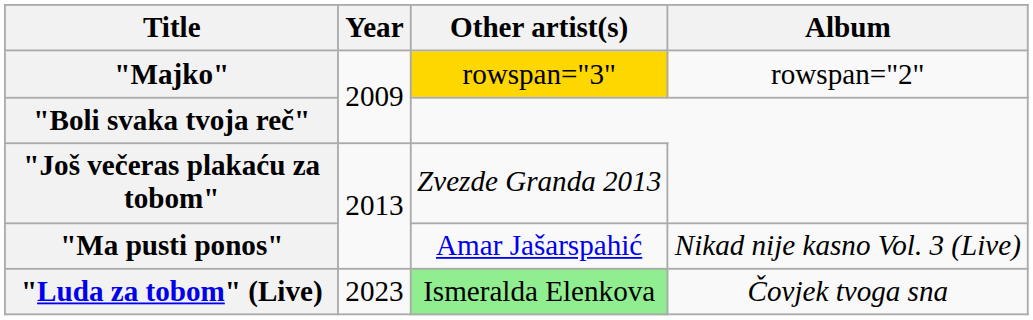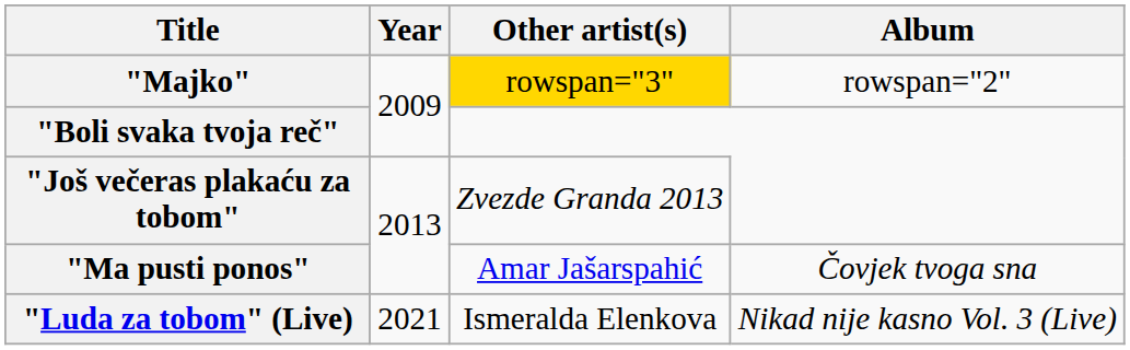 <table class="wikitable plainrowheaders" style="text-align:center;">
 <tr>
 <th scope="col" style="width:11em;">Title</th>
 <th scope="col">Year</th>
 <th scope="col">Other artist(s)</th>
 <th scope="col">Album</th>
 </tr>
 <tr>
 <th scope="row">"Majko"</th>
 <td rowspan="2">2009</td>
 <td style="background: gold;">rowspan="3" </td>
 <td>rowspan="2" </td>
 </tr>
 <tr>
 <th scope="row">"Boli svaka tvoja reč"</th>
 </tr>
 <tr>
 <th scope="row">"Još večeras plakaću za tobom"</th>
 <td rowspan="2">2013</td>
 <td><em>Zvezde Granda 2013</em></td>
 </tr>
 <tr>
 <th scope="row">"Ma pusti ponos"</th>
 <td><a href='#'>Amar Jašarspahić</a></td>
-<td><em>Nikad nije kasno Vol. 3 (Live)</em></td>
+<td><em>Čovjek tvoga sna</em></td>
 </tr>
 <tr>
 <th scope="row">"<a href='#'>Luda za tobom</a>" (Live)</th>
-<td>2023</td>
-<td style="background: lightgreen;">Ismeralda Elenkova</td>
-<td><em>Čovjek tvoga sna</em></td>
+<td>2021</td>
+<td>Ismeralda Elenkova</td>
+<td><em>Nikad nije kasno Vol. 3 (Live)</em></td>
 </tr>
 </table>
